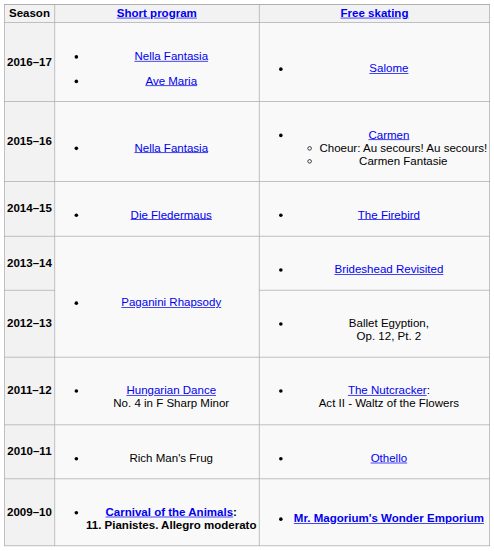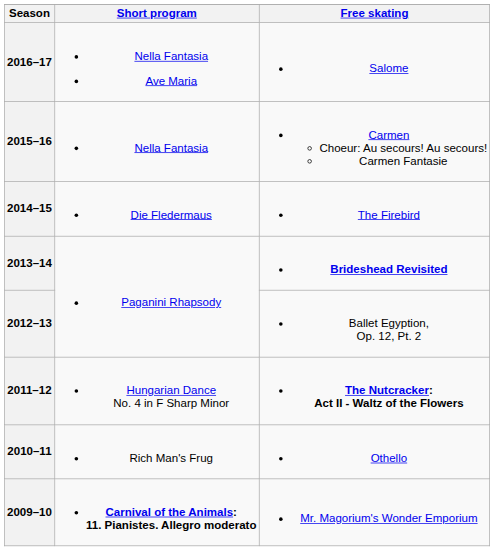 <table class="wikitable" style="text-align:center">
 <tr>
 </tr>
 <tr>
 <th>Season</th>
 <th><a href='#'>Short program</a></th>
 <th><a href='#'>Free skating</a></th>
 </tr>
 <tr>
 <th>2016–17</th>
 <td><br><ul><li><a href='#'>Nella Fantasia</a> <br></li></ul><ul><li><a href='#'>Ave Maria</a> <br></li></ul></td>
 <td><br><ul><li><a href='#'>Salome</a> <br></li></ul></td>
 </tr>
 <tr>
 <th>2015–16 <br> </th>
 <td><br><ul><li><a href='#'>Nella Fantasia</a> <br></li></ul></td>
 <td><br><ul><li><a href='#'>Carmen</a> <br><ul><li>Choeur: Au secours! Au secours! <br></li><li>Carmen Fantasie <br></li></ul></li></ul></td>
 </tr>
 <tr>
 <th>2014–15</th>
 <td><br><ul><li><a href='#'>Die Fledermaus</a> <br></li></ul></td>
 <td><br><ul><li><a href='#'>The Firebird</a> <br></li></ul></td>
 </tr>
 <tr>
 <th>2013–14</th>
 <td rowspan=2><br><ul><li><a href='#'>Paganini Rhapsody</a> <br></li></ul></td>
-<td><br><ul><li><a href='#'>Brideshead Revisited</a> <br></li></ul></td>
+<td><strong><br><ul><li><a href='#'>Brideshead Revisited</a> <br></li></ul></strong></td>
 </tr>
 <tr>
 <th>2012–13 <br> </th>
 <td><br><ul><li>Ballet Egyption,<br> Op. 12, Pt. 2 <br></li></ul></td>
 </tr>
 <tr>
 <th>2011–12</th>
 <td><br><ul><li><a href='#'>Hungarian Dance</a><br> No. 4 in F Sharp Minor <br></li></ul></td>
-<td><br><ul><li><a href='#'>The Nutcracker</a>:<br> Act II - Waltz of the Flowers <br></li></ul></td>
+<td><strong><br><ul><li><a href='#'>The Nutcracker</a>:<br> Act II - Waltz of the Flowers <br></li></ul></strong></td>
 </tr>
 <tr>
 <th>2010–11</th>
 <td><br><ul><li>Rich Man's Frug <br></li></ul></td>
 <td><br><ul><li><a href='#'>Othello</a> <br></li></ul></td>
 </tr>
 <tr>
 <th>2009–10</th>
 <td><strong><br><ul><li><a href='#'>Carnival of the Animals</a>: <br>11. Pianistes. Allegro moderato <br></li></ul></strong></td>
-<td><strong><br><ul><li><a href='#'>Mr. Magorium's Wonder Emporium</a> <br></li></ul></strong></td>
+<td><br><ul><li><a href='#'>Mr. Magorium's Wonder Emporium</a> <br></li></ul></td>
 </tr>
 </table>
